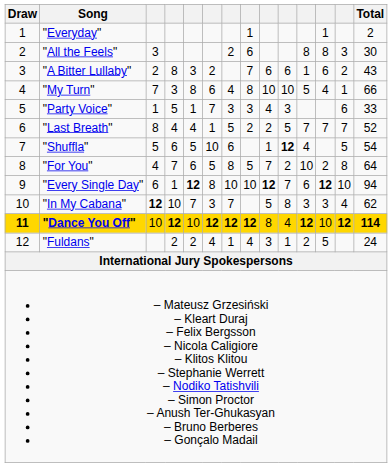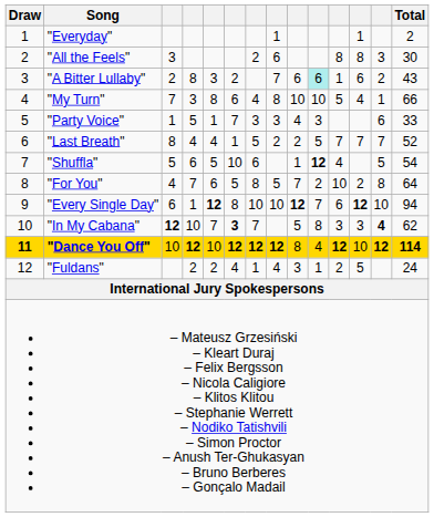 <table class="sortable wikitable" style="margin: 1em auto 1em auto; text-align:center;">
 <tr>
 <th>Draw</th>
 <th>Song</th>
 <th></th>
 <th></th>
 <th></th>
 <th></th>
 <th></th>
 <th></th>
 <th></th>
 <th></th>
 <th></th>
 <th></th>
 <th></th>
 <th>Total</th>
 </tr>
 <tr>
 <td>1</td>
 <td align=left>"<a href='#'>Everyday</a>"</td>
 <td></td>
 <td></td>
 <td></td>
 <td></td>
 <td></td>
 <td>1</td>
 <td></td>
 <td></td>
 <td></td>
 <td>1</td>
 <td></td>
 <td>2</td>
 </tr>
 <tr>
 <td>2</td>
 <td align=left>"<a href='#'>All the Feels</a>"</td>
 <td>3</td>
 <td></td>
 <td></td>
 <td></td>
 <td>2</td>
 <td>6</td>
 <td></td>
 <td></td>
 <td>8</td>
 <td>8</td>
 <td>3</td>
 <td>30</td>
 </tr>
 <tr>
 <td>3</td>
 <td align=left>"<a href='#'>A Bitter Lullaby</a>"</td>
 <td>2</td>
 <td>8</td>
 <td>3</td>
 <td>2</td>
 <td></td>
 <td>7</td>
 <td>6</td>
-<td>6</td>
+<td style="background: paleturquoise;">6</td>
 <td>1</td>
 <td>6</td>
 <td>2</td>
 <td>43</td>
 </tr>
 <tr>
 <td>4</td>
 <td align=left>"<a href='#'>My Turn</a>"</td>
 <td>7</td>
 <td>3</td>
 <td>8</td>
 <td>6</td>
 <td>4</td>
 <td>8</td>
 <td>10</td>
 <td>10</td>
 <td>5</td>
 <td>4</td>
 <td>1</td>
 <td>66</td>
 </tr>
 <tr>
 <td>5</td>
 <td align=left>"<a href='#'>Party Voice</a>"</td>
 <td>1</td>
 <td>5</td>
 <td>1</td>
 <td>7</td>
 <td>3</td>
 <td>3</td>
 <td>4</td>
 <td>3</td>
 <td></td>
 <td></td>
 <td>6</td>
 <td>33</td>
 </tr>
 <tr>
 <td>6</td>
 <td align=left>"<a href='#'>Last Breath</a>"</td>
 <td>8</td>
 <td>4</td>
 <td>4</td>
 <td>1</td>
 <td>5</td>
 <td>2</td>
 <td>2</td>
 <td>5</td>
 <td>7</td>
 <td>7</td>
 <td>7</td>
 <td>52</td>
 </tr>
 <tr>
 <td>7</td>
 <td align=left>"<a href='#'>Shuffla</a>"</td>
 <td>5</td>
 <td>6</td>
 <td>5</td>
 <td>10</td>
 <td>6</td>
 <td></td>
 <td>1</td>
 <td><strong>12</strong></td>
 <td>4</td>
 <td></td>
 <td>5</td>
 <td>54</td>
 </tr>
 <tr>
 <td>8</td>
 <td align=left>"<a href='#'>For You</a>"</td>
 <td>4</td>
 <td>7</td>
 <td>6</td>
 <td>5</td>
 <td>8</td>
 <td>5</td>
 <td>7</td>
 <td>2</td>
 <td>10</td>
 <td>2</td>
 <td>8</td>
 <td>64</td>
 </tr>
 <tr>
 <td>9</td>
 <td align=left>"<a href='#'>Every Single Day</a>"</td>
 <td>6</td>
 <td>1</td>
 <td><strong>12</strong></td>
 <td>8</td>
 <td>10</td>
 <td>10</td>
 <td><strong>12</strong></td>
 <td>7</td>
 <td>6</td>
 <td><strong>12</strong></td>
 <td>10</td>
 <td>94</td>
 </tr>
 <tr>
 <td>10</td>
 <td align=left>"<a href='#'>In My Cabana</a>"</td>
 <td><strong>12</strong></td>
 <td>10</td>
 <td>7</td>
-<td>3</td>
+<td><strong>3</strong></td>
 <td>7</td>
 <td></td>
 <td>5</td>
 <td>8</td>
 <td>3</td>
 <td>3</td>
-<td>4</td>
+<td><strong>4</strong></td>
 <td>62</td>
 </tr>
 <tr style="background:gold;">
 <td><strong>11</strong></td>
 <td align=left><strong>"<a href='#'>Dance You Off</a>"</strong></td>
 <td>10</td>
 <td><strong>12</strong></td>
 <td>10</td>
 <td><strong>12</strong></td>
 <td><strong>12</strong></td>
 <td><strong>12</strong></td>
 <td>8</td>
 <td>4</td>
 <td><strong>12</strong></td>
 <td>10</td>
 <td><strong>12</strong></td>
 <td><strong>114</strong></td>
 </tr>
 <tr>
 <td>12</td>
 <td align=left>"<a href='#'>Fuldans</a>"</td>
 <td></td>
 <td>2</td>
 <td>2</td>
 <td>4</td>
 <td>1</td>
 <td>4</td>
 <td>3</td>
 <td>1</td>
 <td>2</td>
 <td>5</td>
 <td></td>
 <td>24</td>
 </tr>
 <tr class="sortbottom">
 <th colspan=14>International Jury Spokespersons</th>
 </tr>
 <tr class="sortbottom">
 <td colspan="14"><br><ul><li> – Mateusz Grzesiński</li><li> – Kleart Duraj</li><li> – Felix Bergsson</li><li> – Nicola Caligiore</li><li> – Klitos Klitou</li><li> – Stephanie Werrett</li><li> – <a href='#'>Nodiko Tatishvili</a></li><li> – Simon Proctor</li><li> – Anush Ter-Ghukasyan</li><li> – Bruno Berberes</li><li> – Gonçalo Madail</li></ul></td>
 </tr>
 </table>
